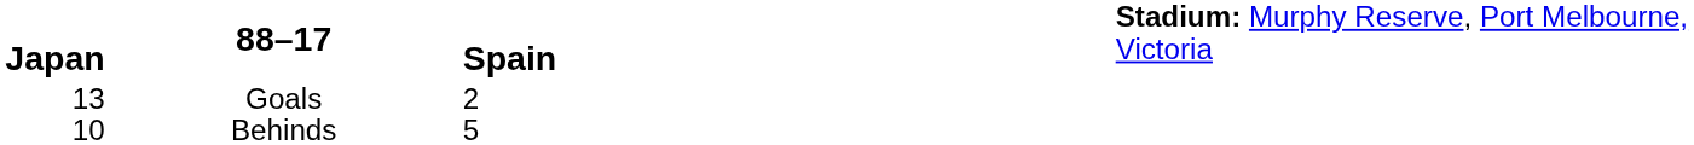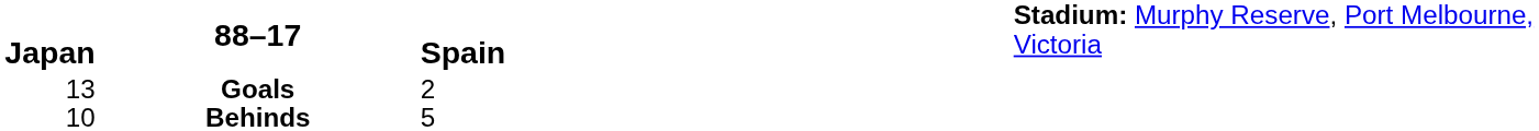 <table style="width: 100%; background: transparent;" cellspacing="0">
 <tr>
 <td align=center valign=top rowspan=3 width=15%></td>
 </tr>
 <tr>
 <td width=24% align=right><br><strong>Japan</strong></td>
 <td align=center width=13%><strong>88–17</strong></td>
 <td width=24%><br><strong>Spain</strong></td>
 <td style=font-size:85% rowspan=2 valign=top><strong>Stadium:</strong> <a href='#'>Murphy Reserve</a>, <a href='#'>Port Melbourne, Victoria</a></td>
 </tr>
 <tr style=font-size:85%>
 <td align=right valign=top>13<br> 10</td>
-<td align=center valign=top>Goals <br>Behinds</td>
+<td align=center valign=top><strong>Goals <br>Behinds</strong></td>
 <td valign=top>2<br> 5</td>
 </tr>
 </table>
